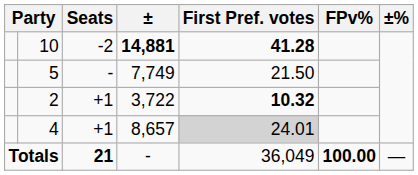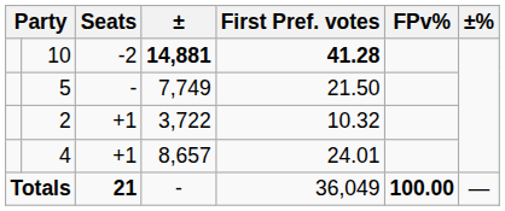 <table class=wikitable>
 <tr>
 <th colspan=2 align=center>Party</th>
 <th valign=top>Seats</th>
 <th valign=top>±</th>
 <th valign=top>First Pref. votes</th>
 <th valign=top>FPv%</th>
 <th valign=top>±%</th>
 </tr>
 <tr>
 <td></td>
 <td align=right>10</td>
 <td align=right>-2</td>
 <td align=right><strong>14,881</strong></td>
 <td align=right><strong>41.28</strong></td>
 <td align=right></td>
 </tr>
 <tr>
 <td></td>
 <td align=right>5</td>
 <td align=right>-</td>
 <td align=right>7,749</td>
 <td align=right>21.50</td>
 <td align=right></td>
 </tr>
 <tr>
 <td></td>
 <td align=right>2</td>
 <td align=right>+1</td>
 <td align=right>3,722</td>
-<td align=right><strong>10.32</strong></td>
+<td align=right>10.32</td>
 <td align=right></td>
 </tr>
 <tr>
 <td></td>
 <td align=right>4</td>
 <td align=right>+1</td>
 <td align=right>8,657</td>
-<td align=right style="background: lightgrey;">24.01</td>
+<td align=right>24.01</td>
 <td align=right></td>
 </tr>
 <tr>
 <td colspan=2 align=center><strong>Totals</strong></td>
 <td align=right><strong>21</strong></td>
 <td align=center>-</td>
 <td align=right>36,049</td>
 <td align=center><strong>100.00</strong></td>
 <td align=center>—</td>
 </tr>
 </table>
